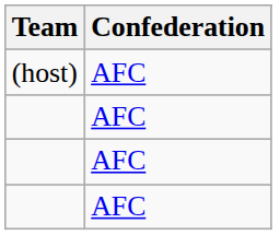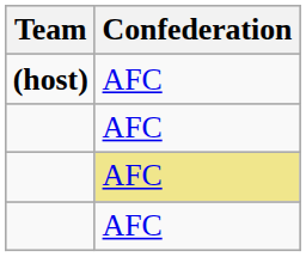 <table class="wikitable sortable" style="text-align: left;">
 <tr>
 <th>Team</th>
 <th>Confederation</th>
 </tr>
 <tr>
-<td> (host)</td>
+<td><strong> (host)</strong></td>
 <td><a href='#'>AFC</a></td>
 </tr>
 <tr>
 <td></td>
 <td><a href='#'>AFC</a></td>
 </tr>
 <tr>
 <td></td>
-<td><a href='#'>AFC</a></td>
+<td style="background: khaki;"><a href='#'>AFC</a></td>
 </tr>
 <tr>
 <td></td>
 <td><a href='#'>AFC</a></td>
 </tr>
 </table>
